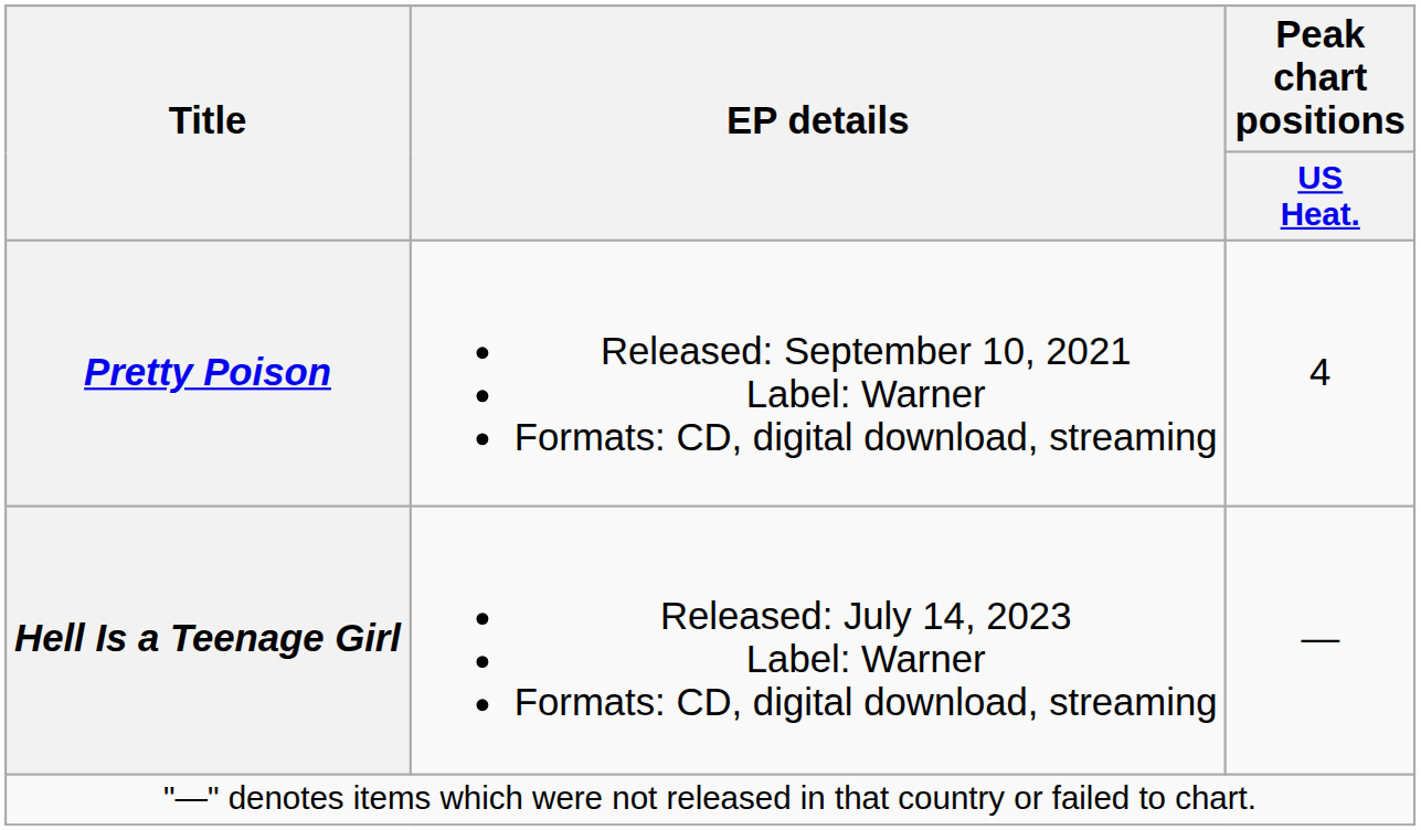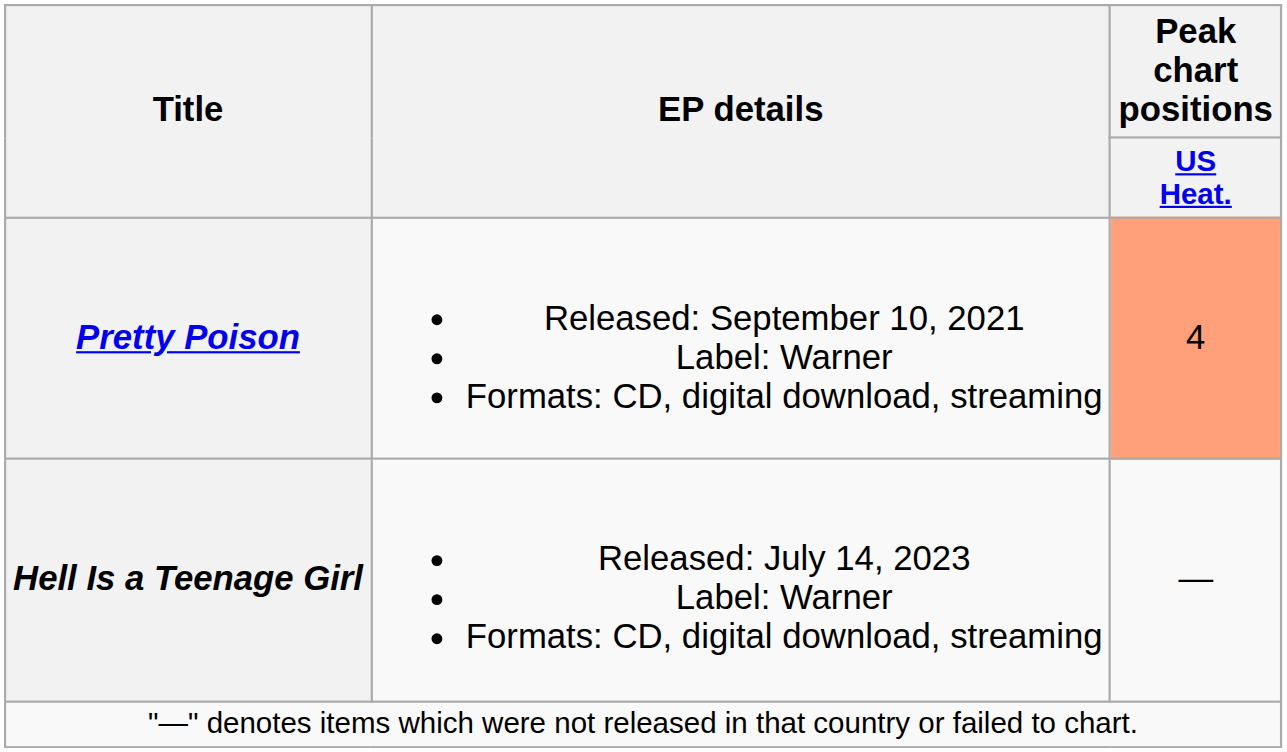 <table class="wikitable plainrowheaders" style="text-align:center;">
 <tr>
 <th scope="col" rowspan="2">Title</th>
 <th scope="col" rowspan="2">EP details</th>
 <th scope="col">Peak chart positions</th>
 </tr>
 <tr>
 <th scope="col" style="width:3em;font-size:85%;"><a href='#'>US<br>Heat.</a><br></th>
 </tr>
 <tr>
 <th scope="row"><em><a href='#'>Pretty Poison</a></em></th>
 <td><br><ul><li>Released: September 10, 2021</li><li>Label: Warner</li><li>Formats: CD, digital download, streaming</li></ul></td>
-<td>4</td>
+<td style="background: lightsalmon;">4</td>
 </tr>
 <tr>
 <th scope="row"><em>Hell Is a Teenage Girl</em></th>
 <td><br><ul><li>Released: July 14, 2023</li><li>Label: Warner</li><li>Formats: CD, digital download, streaming</li></ul></td>
 <td>—</td>
 </tr>
 <tr>
 <td colspan="8" style="font-size:85%;">"—" denotes items which were not released in that country or failed to chart.</td>
 </tr>
 </table>
